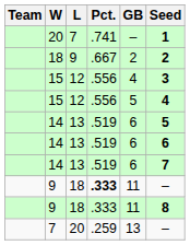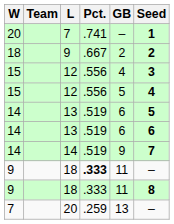 <table class=wikitable>
 <tr>
+<th>W</th>
 <th>Team</th>
-<th>W</th>
 <th>L</th>
 <th>Pct.</th>
 <th>GB</th>
 <th>Seed</th>
 </tr>
 <tr bgcolor=#ccffcc>
+<td>20</td>
 <td></td>
-<td>20</td>
 <td>7</td>
 <td>.741</td>
 <td style="text-align:center;">–</td>
 <td style="text-align:center;"><strong>1</strong></td>
 </tr>
 <tr bgcolor=#ccffcc>
+<td>18</td>
 <td></td>
-<td>18</td>
 <td>9</td>
 <td>.667</td>
 <td style="text-align:center;">2</td>
 <td style="text-align:center;"><strong>2</strong></td>
 </tr>
 <tr bgcolor=#ccffcc>
+<td>15</td>
 <td></td>
-<td>15</td>
 <td>12</td>
 <td>.556</td>
 <td style="text-align:center;">4</td>
 <td style="text-align:center;"><strong>3</strong></td>
 </tr>
 <tr bgcolor=#ccffcc>
+<td>15</td>
 <td></td>
-<td>15</td>
 <td>12</td>
 <td>.556</td>
 <td style="text-align:center;">5</td>
 <td style="text-align:center;"><strong>4</strong></td>
 </tr>
 <tr bgcolor=#ccffcc>
+<td>14</td>
 <td></td>
-<td>14</td>
 <td>13</td>
 <td>.519</td>
 <td style="text-align:center;">6</td>
 <td style="text-align:center;"><strong>5</strong></td>
 </tr>
 <tr bgcolor=#ccffcc>
+<td>14</td>
 <td></td>
-<td>14</td>
 <td>13</td>
 <td>.519</td>
 <td style="text-align:center;">6</td>
 <td style="text-align:center;"><strong>6</strong></td>
 </tr>
 <tr bgcolor=#ccffcc>
+<td>14</td>
 <td></td>
 <td>14</td>
-<td>13</td>
 <td>.519</td>
-<td style="text-align:center;">6</td>
+<td style="text-align:center;">9</td>
 <td style="text-align:center;"><strong>7</strong></td>
 </tr>
 <tr>
+<td>9</td>
 <td></td>
-<td>9</td>
 <td>18</td>
 <td><strong>.333</strong></td>
 <td style="text-align:center;">11</td>
 <td style="text-align:center;">–</td>
 </tr>
 <tr bgcolor=#ccffcc>
+<td>9</td>
 <td></td>
-<td>9</td>
 <td>18</td>
 <td>.333</td>
 <td style="text-align:center;">11</td>
 <td style="text-align:center;"><strong>8</strong></td>
 </tr>
 <tr>
+<td>7</td>
 <td></td>
-<td>7</td>
 <td>20</td>
 <td>.259</td>
 <td style="text-align:center;">13</td>
 <td style="text-align:center;">–</td>
 </tr>
 </table>
